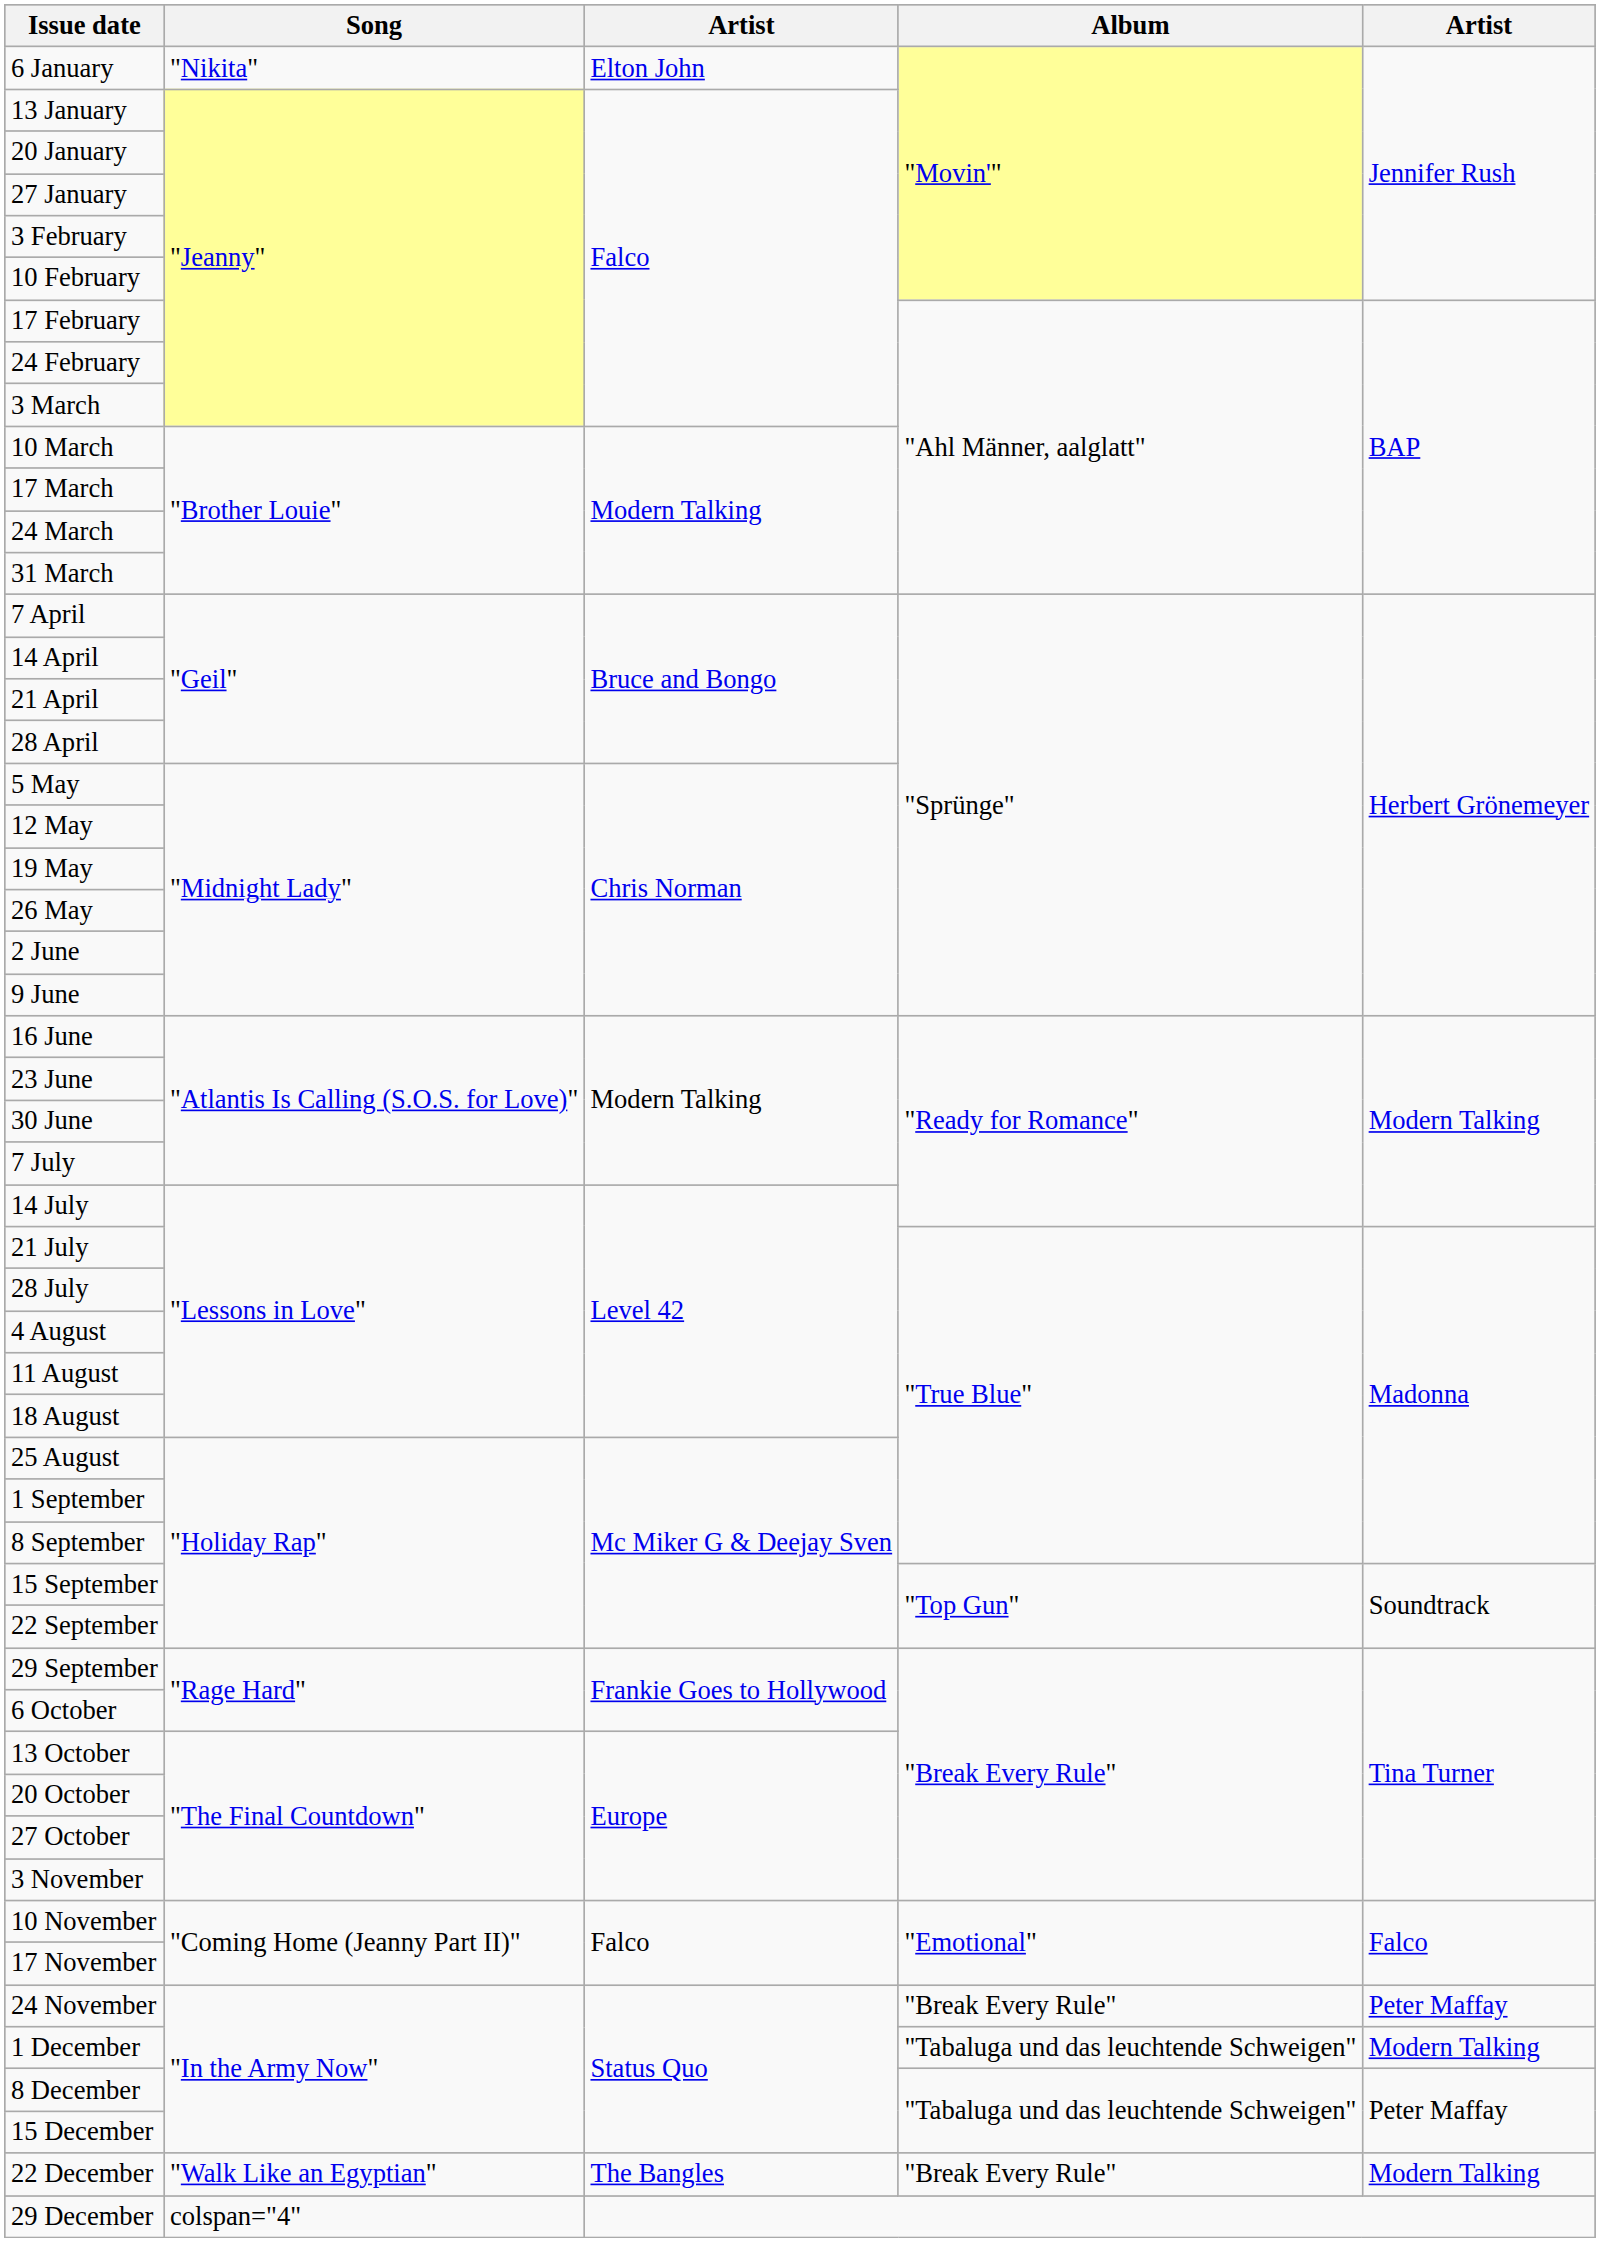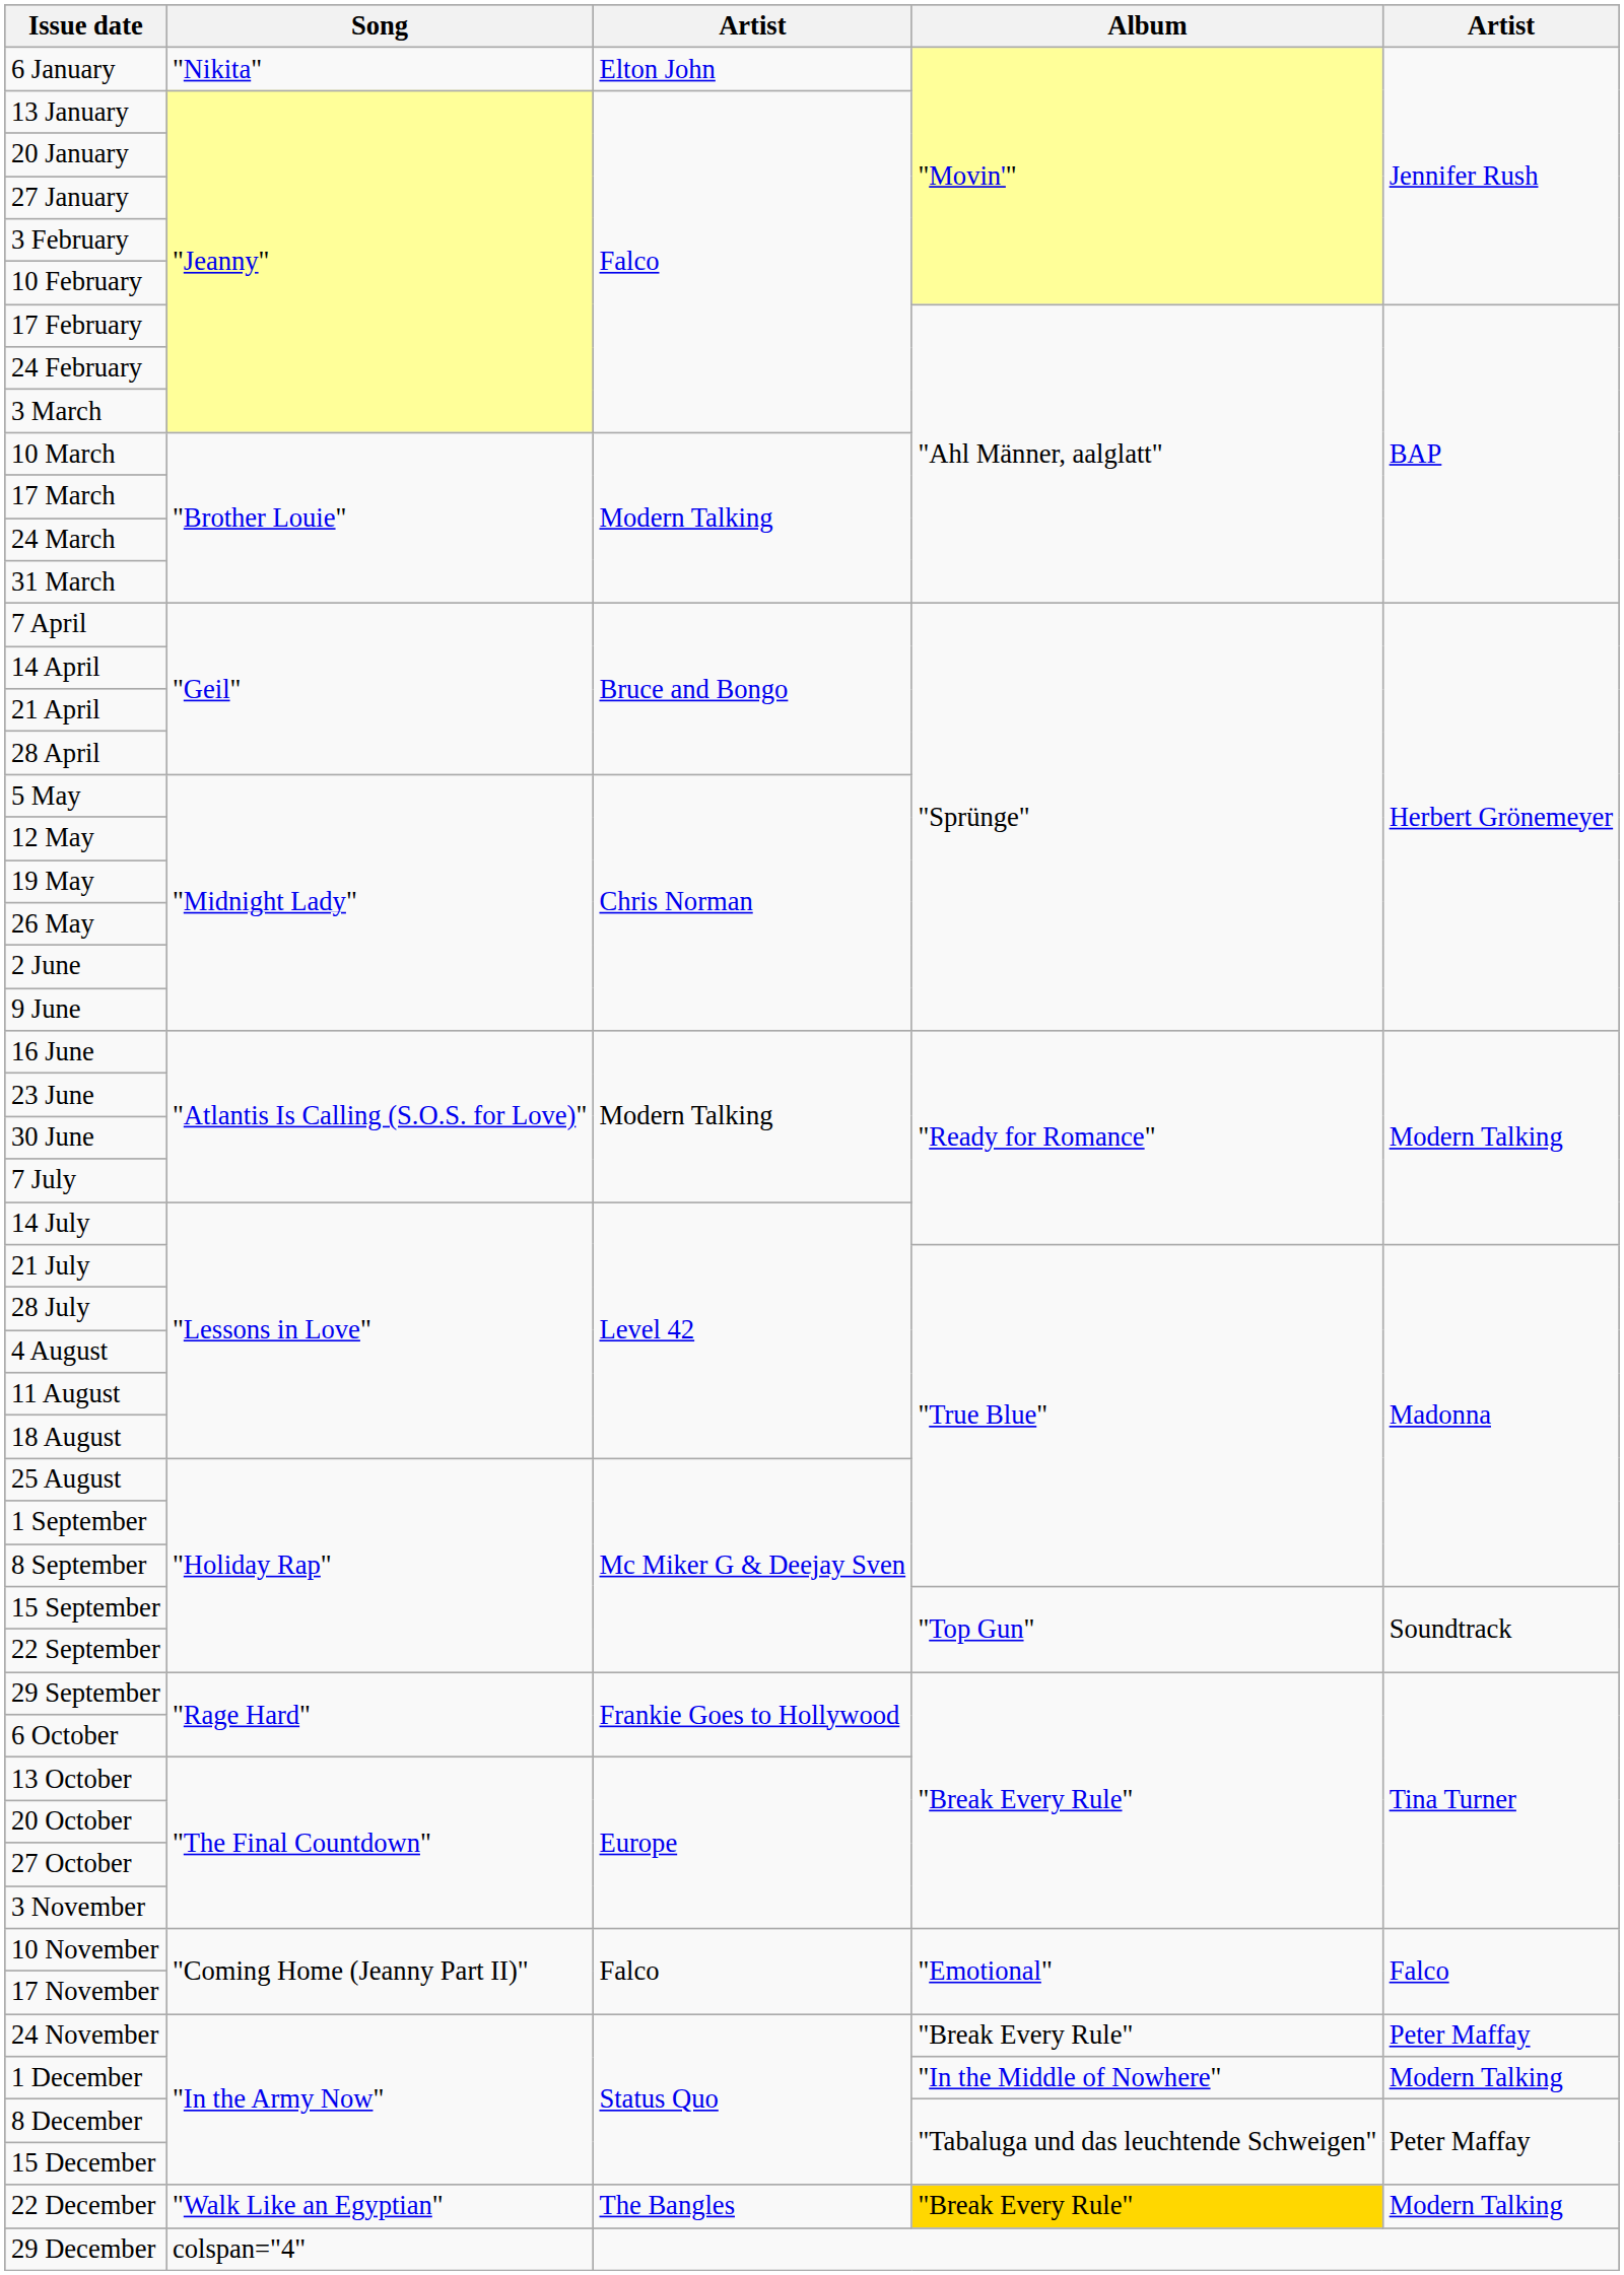 <table class="sortable wikitable">
 <tr>
 <th>Issue date</th>
 <th>Song</th>
 <th>Artist</th>
 <th>Album</th>
 <th>Artist</th>
 </tr>
 <tr>
 <td>6 January</td>
 <td>"<a href='#'>Nikita</a>"</td>
 <td><a href='#'>Elton John</a></td>
 <td bgcolor=#FFFF99 rowspan="6">"<a href='#'>Movin'</a>" </td>
 <td rowspan="6"><a href='#'>Jennifer Rush</a></td>
 </tr>
 <tr>
 <td>13 January</td>
 <td bgcolor=#FFFF99 rowspan="8">"<a href='#'>Jeanny</a>" </td>
 <td rowspan="8"><a href='#'>Falco</a></td>
 </tr>
 <tr>
 <td>20 January</td>
 </tr>
 <tr>
 <td>27 January</td>
 </tr>
 <tr>
 <td>3 February</td>
 </tr>
 <tr>
 <td>10 February</td>
 </tr>
 <tr>
 <td>17 February</td>
 <td rowspan="7">"Ahl Männer, aalglatt"</td>
 <td rowspan="7"><a href='#'>BAP</a></td>
 </tr>
 <tr>
 <td>24 February</td>
 </tr>
 <tr>
 <td>3 March</td>
 </tr>
 <tr>
 <td>10 March</td>
 <td rowspan="4">"<a href='#'>Brother Louie</a>"</td>
 <td rowspan="4"><a href='#'>Modern Talking</a></td>
 </tr>
 <tr>
 <td>17 March</td>
 </tr>
 <tr>
 <td>24 March</td>
 </tr>
 <tr>
 <td>31 March</td>
 </tr>
 <tr>
 <td>7 April</td>
 <td rowspan="4">"<a href='#'>Geil</a>"</td>
 <td rowspan="4"><a href='#'>Bruce and Bongo</a></td>
 <td rowspan="10">"Sprünge"</td>
 <td rowspan="10"><a href='#'>Herbert Grönemeyer</a></td>
 </tr>
 <tr>
 <td>14 April</td>
 </tr>
 <tr>
 <td>21 April</td>
 </tr>
 <tr>
 <td>28 April</td>
 </tr>
 <tr>
 <td>5 May</td>
 <td rowspan="6">"<a href='#'>Midnight Lady</a>"</td>
 <td rowspan="6"><a href='#'>Chris Norman</a></td>
 </tr>
 <tr>
 <td>12 May</td>
 </tr>
 <tr>
 <td>19 May</td>
 </tr>
 <tr>
 <td>26 May</td>
 </tr>
 <tr>
 <td>2 June</td>
 </tr>
 <tr>
 <td>9 June</td>
 </tr>
 <tr>
 <td>16 June</td>
 <td rowspan="4">"<a href='#'>Atlantis Is Calling (S.O.S. for Love)</a>"</td>
 <td rowspan="4">Modern Talking</td>
 <td rowspan="5">"<a href='#'>Ready for Romance</a>"</td>
 <td rowspan="5"><a href='#'>Modern Talking</a></td>
 </tr>
 <tr>
 <td>23 June</td>
 </tr>
 <tr>
 <td>30 June</td>
 </tr>
 <tr>
 <td>7 July</td>
 </tr>
 <tr>
 <td>14 July</td>
 <td rowspan="6">"<a href='#'>Lessons in Love</a>"</td>
 <td rowspan="6"><a href='#'>Level 42</a></td>
 </tr>
 <tr>
 <td>21 July</td>
 <td rowspan="8">"<a href='#'>True Blue</a>"</td>
 <td rowspan="8"><a href='#'>Madonna</a></td>
 </tr>
 <tr>
 <td>28 July</td>
 </tr>
 <tr>
 <td>4 August</td>
 </tr>
 <tr>
 <td>11 August</td>
 </tr>
 <tr>
 <td>18 August</td>
 </tr>
 <tr>
 <td>25 August</td>
 <td rowspan="5">"<a href='#'>Holiday Rap</a>"</td>
 <td rowspan="5"><a href='#'>Mc Miker G & Deejay Sven</a></td>
 </tr>
 <tr>
 <td>1 September</td>
 </tr>
 <tr>
 <td>8 September</td>
 </tr>
 <tr>
 <td>15 September</td>
 <td rowspan="2">"<a href='#'>Top Gun</a>"</td>
 <td rowspan="2">Soundtrack</td>
 </tr>
 <tr>
 <td>22 September</td>
 </tr>
 <tr>
 <td>29 September</td>
 <td rowspan="2">"<a href='#'>Rage Hard</a>"</td>
 <td rowspan="2"><a href='#'>Frankie Goes to Hollywood</a></td>
 <td rowspan="6">"<a href='#'>Break Every Rule</a>"</td>
 <td rowspan="6"><a href='#'>Tina Turner</a></td>
 </tr>
 <tr>
 <td>6 October</td>
 </tr>
 <tr>
 <td>13 October</td>
 <td rowspan="4">"<a href='#'>The Final Countdown</a>"</td>
 <td rowspan="4"><a href='#'>Europe</a></td>
 </tr>
 <tr>
 <td>20 October</td>
 </tr>
 <tr>
 <td>27 October</td>
 </tr>
 <tr>
 <td>3 November</td>
 </tr>
 <tr>
 <td>10 November</td>
 <td rowspan="2">"Coming Home (Jeanny Part II)"</td>
 <td rowspan="2">Falco</td>
 <td rowspan="2">"<a href='#'>Emotional</a>"</td>
 <td rowspan="2"><a href='#'>Falco</a></td>
 </tr>
 <tr>
 <td>17 November</td>
 </tr>
 <tr>
 <td>24 November</td>
 <td rowspan="4">"<a href='#'>In the Army Now</a>"</td>
 <td rowspan="4"><a href='#'>Status Quo</a></td>
 <td>"Break Every Rule"</td>
 <td><a href='#'>Peter Maffay</a></td>
 </tr>
 <tr>
 <td>1 December</td>
-<td>"Tabaluga und das leuchtende Schweigen"</td>
+<td>"<a href='#'>In the Middle of Nowhere</a>"</td>
 <td><a href='#'>Modern Talking</a></td>
 </tr>
 <tr>
 <td>8 December</td>
 <td rowspan="2">"Tabaluga und das leuchtende Schweigen"</td>
 <td rowspan="2">Peter Maffay</td>
 </tr>
 <tr>
 <td>15 December</td>
 </tr>
 <tr>
 <td>22 December</td>
 <td>"<a href='#'>Walk Like an Egyptian</a>"</td>
 <td><a href='#'>The Bangles</a></td>
-<td>"Break Every Rule"</td>
+<td style="background: gold;">"Break Every Rule"</td>
 <td><a href='#'>Modern Talking</a></td>
 </tr>
 <tr>
 <td>29 December</td>
 <td>colspan="4" </td>
 </tr>
 </table>
